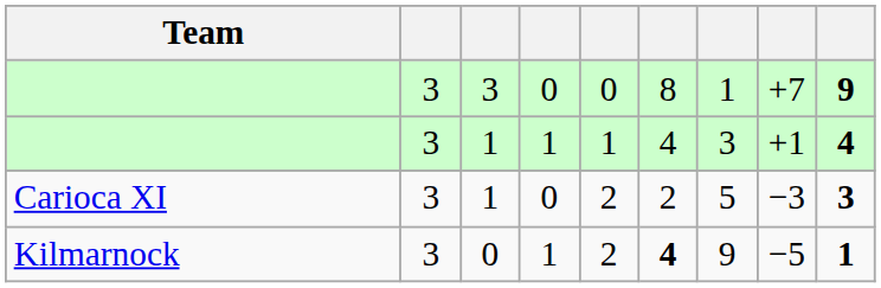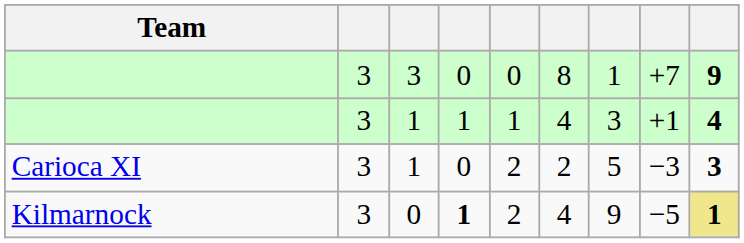 <table class="wikitable" style="text-align:center;">
 <tr>
 <th width=175>Team</th>
 <th width=20></th>
 <th width=20></th>
 <th width=20></th>
 <th width=20></th>
 <th width=20></th>
 <th width=20></th>
 <th width=20></th>
 <th width=20></th>
 </tr>
 <tr bgcolor="#ccffcc">
 <td align="left"></td>
 <td>3</td>
 <td>3</td>
 <td>0</td>
 <td>0</td>
 <td>8</td>
 <td>1</td>
 <td>+7</td>
 <td><strong>9</strong></td>
 </tr>
 <tr bgcolor="#ccffcc">
 <td align="left"></td>
 <td>3</td>
 <td>1</td>
 <td>1</td>
 <td>1</td>
 <td>4</td>
 <td>3</td>
 <td>+1</td>
 <td><strong>4</strong></td>
 </tr>
 <tr>
 <td align="left"> <a href='#'>Carioca XI</a></td>
 <td>3</td>
 <td>1</td>
 <td>0</td>
 <td>2</td>
 <td>2</td>
 <td>5</td>
 <td>−3</td>
 <td><strong>3</strong></td>
 </tr>
 <tr>
 <td align="left"> <a href='#'>Kilmarnock</a></td>
 <td>3</td>
 <td>0</td>
-<td>1</td>
+<td><strong>1</strong></td>
 <td>2</td>
-<td><strong>4</strong></td>
+<td>4</td>
 <td>9</td>
 <td>−5</td>
-<td><strong>1</strong></td>
+<td style="background: khaki;"><strong>1</strong></td>
 </tr>
 </table>
